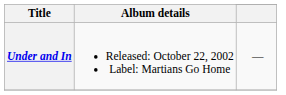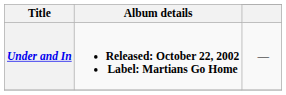 <table class="wikitable plainrowheaders" style="text-align:center;">
 <tr>
 <th scope="col" rowspan="2">Title</th>
 <th scope="col" rowspan="2">Album details</th>
 </tr>
 <tr>
 <th scope="col" style="width:3em;"></th>
 </tr>
 <tr>
 <th scope="row"><strong><em><a href='#'>Under and In</a></em></strong></th>
-<td><br><ul><li>Released: October 22, 2002</li><li>Label: Martians Go Home</li></ul></td>
+<td><strong><br><ul><li>Released: October 22, 2002</li><li>Label: Martians Go Home</li></ul></strong></td>
 <td> —</td>
 </tr>
 <tr>
 </tr>
 </table>
